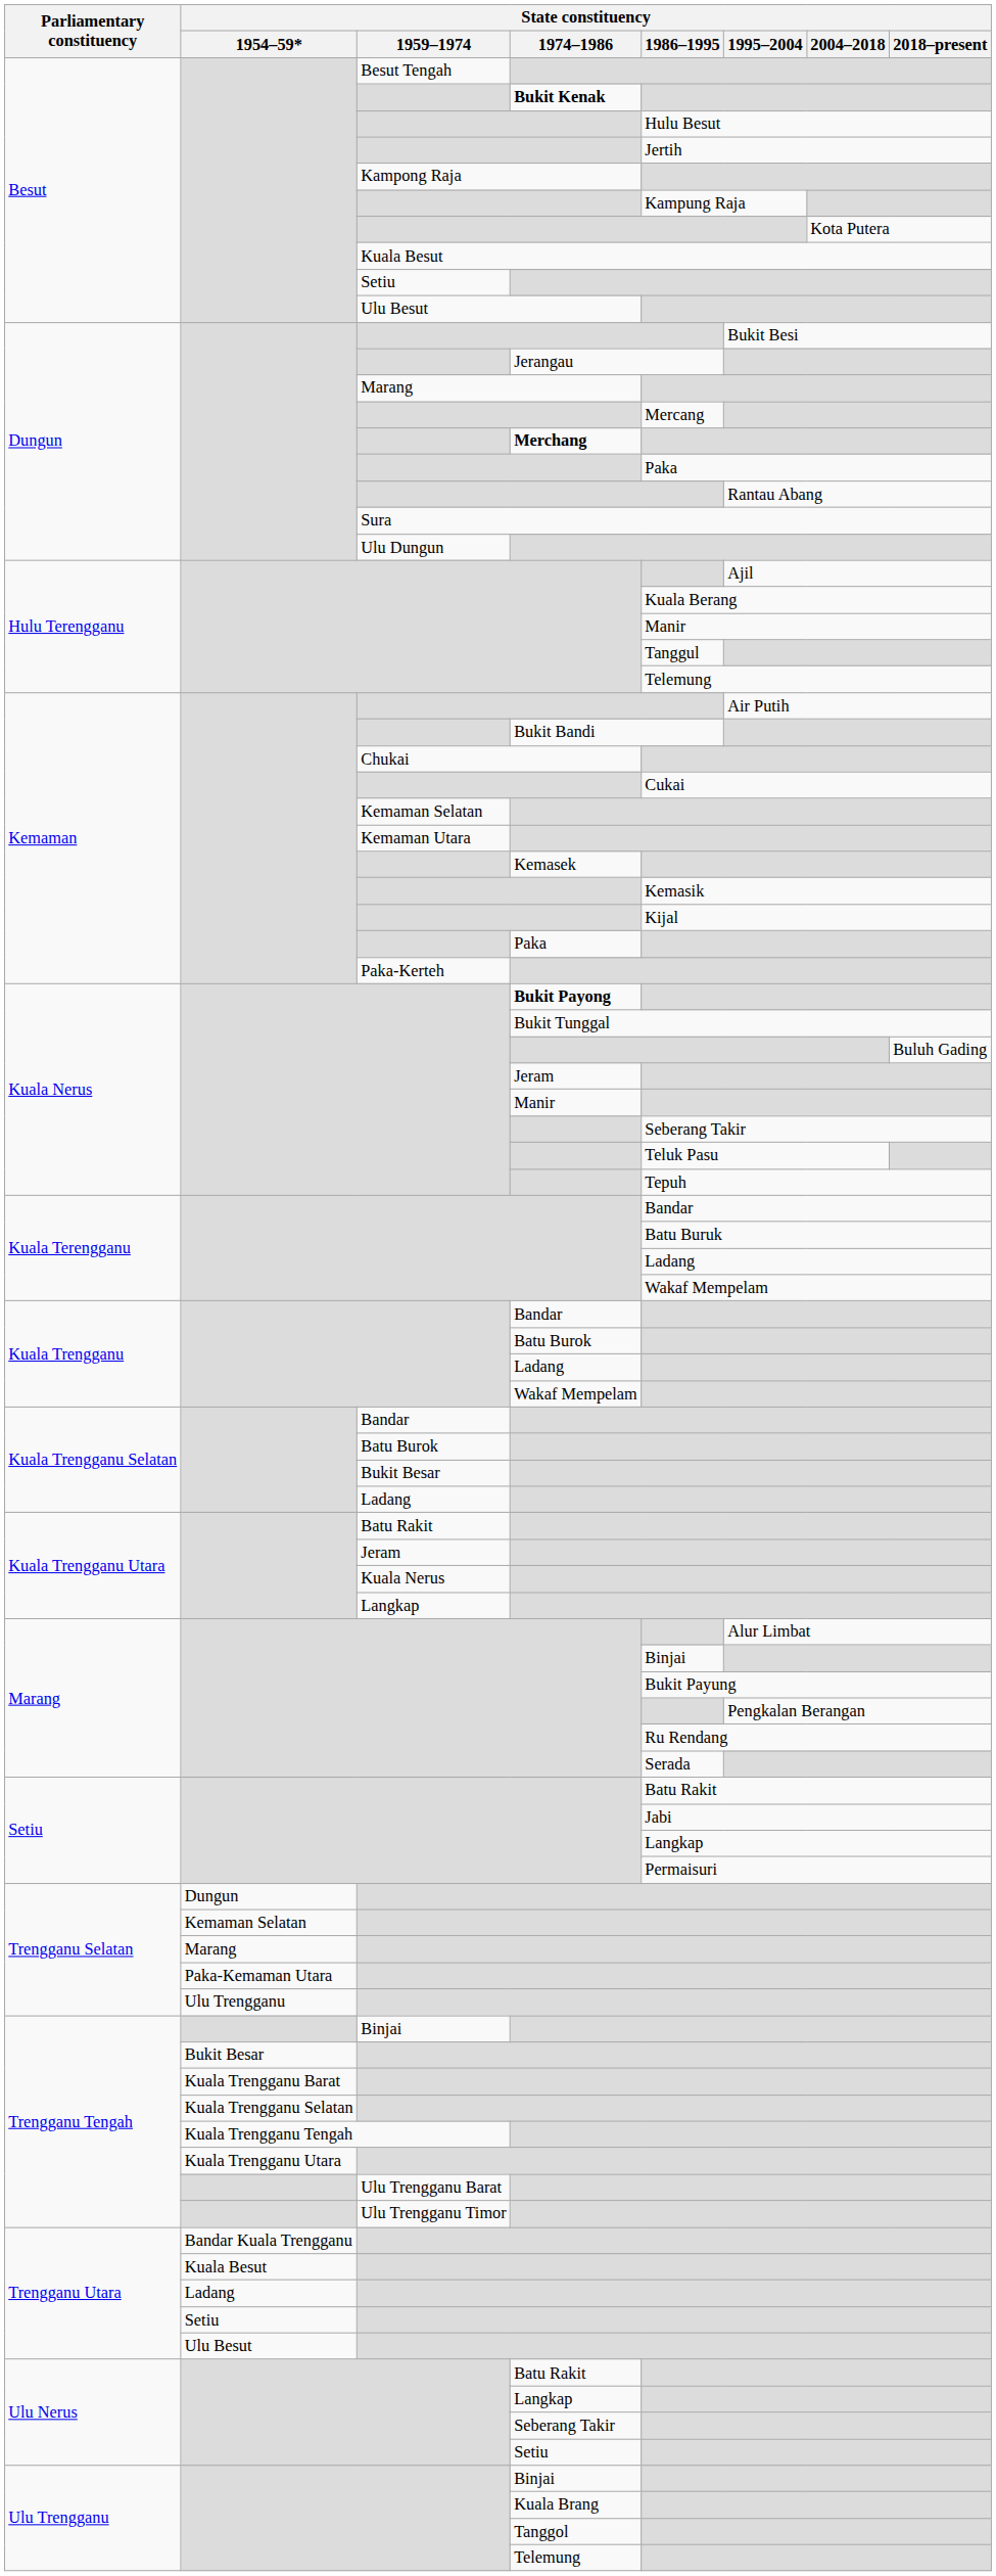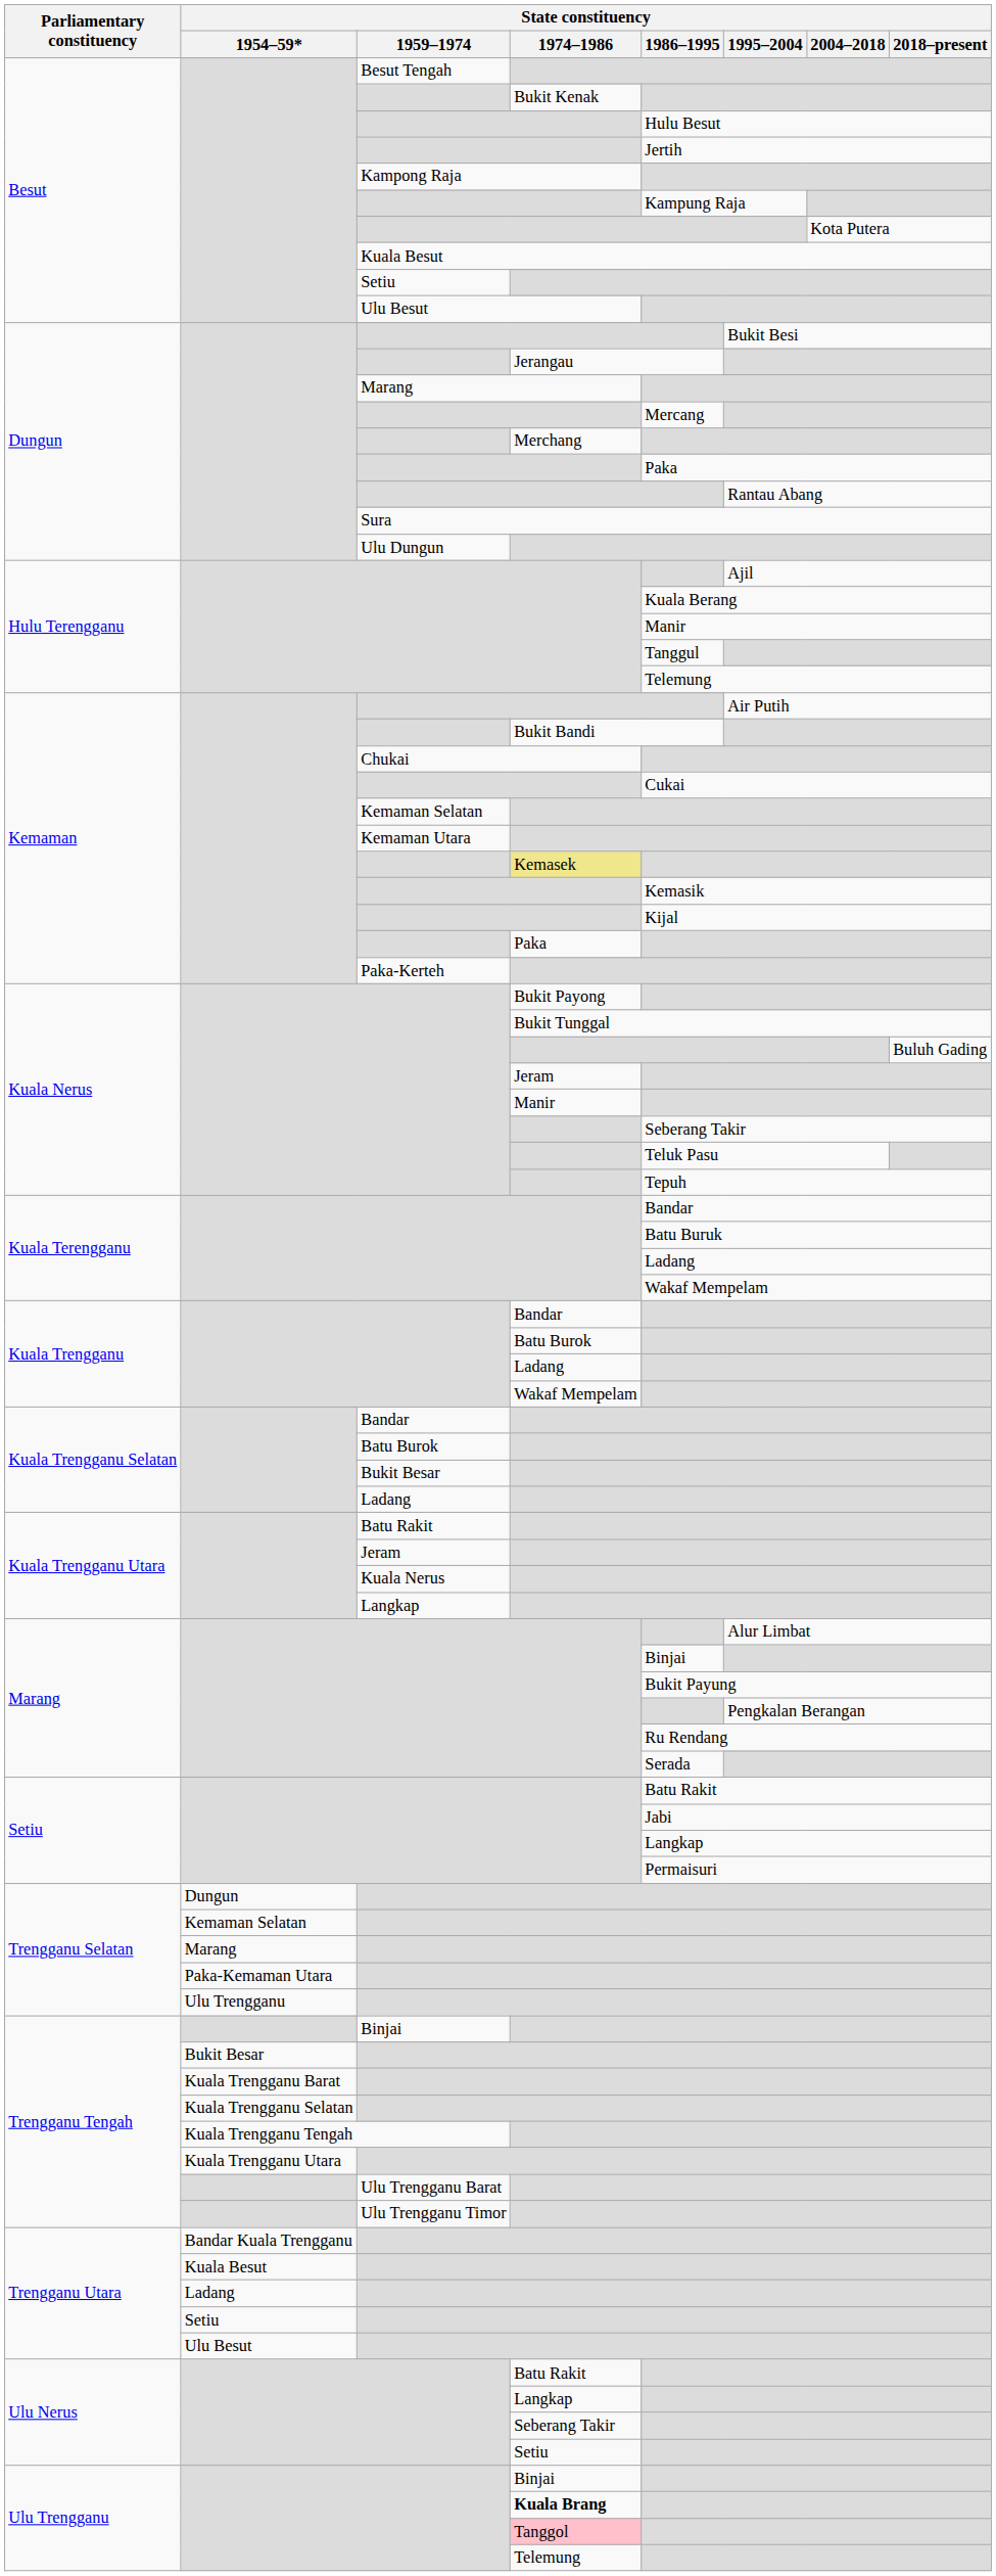 <table class=wikitable>
 <tr>
 <th rowspan=2>Parliamentary<br>constituency</th>
 <th colspan=7>State constituency</th>
 </tr>
 <tr>
 <th>1954–59*</th>
 <th>1959–1974</th>
 <th>1974–1986</th>
 <th>1986–1995</th>
 <th>1995–2004</th>
 <th>2004–2018</th>
 <th>2018–present</th>
 </tr>
 <tr>
 <td rowspan=10><a href='#'>Besut</a></td>
 <td rowspan="10" bgcolor="dcdcdc"></td>
 <td>Besut Tengah</td>
 <td colspan=5 bgcolor=dcdcdc></td>
 </tr>
 <tr>
 <td bgcolor=dcdcdc></td>
-<td><strong>Bukit Kenak</strong></td>
+<td>Bukit Kenak</td>
 <td colspan=4 bgcolor=dcdcdc></td>
 </tr>
 <tr>
 <td colspan=2 bgcolor=dcdcdc></td>
 <td colspan=4>Hulu Besut</td>
 </tr>
 <tr>
 <td colspan=2 bgcolor=dcdcdc></td>
 <td colspan=4>Jertih</td>
 </tr>
 <tr>
 <td colspan=2>Kampong Raja</td>
 <td colspan=4 bgcolor=dcdcdc></td>
 </tr>
 <tr>
 <td colspan=2 bgcolor=dcdcdc></td>
 <td colspan=2>Kampung Raja</td>
 <td colspan=2 bgcolor=dcdcdc></td>
 </tr>
 <tr>
 <td colspan=4 bgcolor=dcdcdc></td>
 <td colspan=2>Kota Putera</td>
 </tr>
 <tr>
 <td colspan=6>Kuala Besut</td>
 </tr>
 <tr>
 <td>Setiu</td>
 <td colspan=5 bgcolor=dcdcdc></td>
 </tr>
 <tr>
 <td colspan=2>Ulu Besut</td>
 <td colspan=4 bgcolor=dcdcdc></td>
 </tr>
 <tr>
 <td rowspan=9><a href='#'>Dungun</a></td>
 <td rowspan="9" bgcolor="dcdcdc"></td>
 <td colspan=3 bgcolor=dcdcdc></td>
 <td colspan=3>Bukit Besi</td>
 </tr>
 <tr>
 <td bgcolor=dcdcdc></td>
 <td colspan=2>Jerangau</td>
 <td colspan=3 bgcolor=dcdcdc></td>
 </tr>
 <tr>
 <td colspan=2>Marang</td>
 <td colspan=4 bgcolor=dcdcdc></td>
 </tr>
 <tr>
 <td colspan=2 bgcolor=dcdcdc></td>
 <td>Mercang</td>
 <td colspan=3 bgcolor=dcdcdc></td>
 </tr>
 <tr>
 <td bgcolor=dcdcdc></td>
-<td><strong>Merchang</strong></td>
+<td>Merchang</td>
 <td colspan=4 bgcolor=dcdcdc></td>
 </tr>
 <tr>
 <td colspan=2 bgcolor=dcdcdc></td>
 <td colspan=4>Paka</td>
 </tr>
 <tr>
 <td colspan=3 bgcolor=dcdcdc></td>
 <td colspan=3>Rantau Abang</td>
 </tr>
 <tr>
 <td colspan=6>Sura</td>
 </tr>
 <tr>
 <td>Ulu Dungun</td>
 <td colspan=5 bgcolor=dcdcdc></td>
 </tr>
 <tr>
 <td rowspan=5><a href='#'>Hulu Terengganu</a></td>
 <td colspan="3" rowspan="5" bgcolor="dcdcdc"></td>
 <td bgcolor=dcdcdc></td>
 <td colspan=3>Ajil</td>
 </tr>
 <tr>
 <td colspan=4>Kuala Berang</td>
 </tr>
 <tr>
 <td colspan=4>Manir</td>
 </tr>
 <tr>
 <td>Tanggul</td>
 <td colspan=3 bgcolor=dcdcdc></td>
 </tr>
 <tr>
 <td colspan=4>Telemung</td>
 </tr>
 <tr>
 <td rowspan=11><a href='#'>Kemaman</a></td>
 <td rowspan="11" bgcolor="dcdcdc"></td>
 <td colspan=3 bgcolor=dcdcdc></td>
 <td colspan=3>Air Putih</td>
 </tr>
 <tr>
 <td bgcolor=dcdcdc></td>
 <td colspan=2>Bukit Bandi</td>
 <td colspan=3 bgcolor=dcdcdc></td>
 </tr>
 <tr>
 <td colspan=2>Chukai</td>
 <td colspan=4 bgcolor=dcdcdc></td>
 </tr>
 <tr>
 <td colspan=2 bgcolor=dcdcdc></td>
 <td colspan=4>Cukai</td>
 </tr>
 <tr>
 <td>Kemaman Selatan</td>
 <td colspan=5 bgcolor=dcdcdc></td>
 </tr>
 <tr>
 <td>Kemaman Utara</td>
 <td colspan=5 bgcolor=dcdcdc></td>
 </tr>
 <tr>
 <td bgcolor=dcdcdc></td>
-<td>Kemasek</td>
+<td style="background: khaki;">Kemasek</td>
 <td colspan=4 bgcolor=dcdcdc></td>
 </tr>
 <tr>
 <td colspan=2 bgcolor=dcdcdc></td>
 <td colspan=4>Kemasik</td>
 </tr>
 <tr>
 <td colspan=2 bgcolor=dcdcdc></td>
 <td colspan=4>Kijal</td>
 </tr>
 <tr>
 <td bgcolor=dcdcdc></td>
 <td>Paka</td>
 <td colspan=4 bgcolor=dcdcdc></td>
 </tr>
 <tr>
 <td>Paka-Kerteh</td>
 <td colspan=5 bgcolor=dcdcdc></td>
 </tr>
 <tr>
 <td rowspan=8><a href='#'>Kuala Nerus</a></td>
 <td colspan="2" rowspan="8" bgcolor="dcdcdc"></td>
-<td><strong>Bukit Payong</strong></td>
+<td>Bukit Payong</td>
 <td colspan=4 bgcolor=dcdcdc></td>
 </tr>
 <tr>
 <td colspan=5>Bukit Tunggal</td>
 </tr>
 <tr>
 <td colspan=4 bgcolor=dcdcdc></td>
 <td>Buluh Gading</td>
 </tr>
 <tr>
 <td>Jeram</td>
 <td colspan=4 bgcolor=dcdcdc></td>
 </tr>
 <tr>
 <td>Manir</td>
 <td colspan=4 bgcolor=dcdcdc></td>
 </tr>
 <tr>
 <td bgcolor=dcdcdc></td>
 <td colspan=4>Seberang Takir</td>
 </tr>
 <tr>
 <td bgcolor=dcdcdc></td>
 <td colspan=3>Teluk Pasu</td>
 <td bgcolor=dcdcdc></td>
 </tr>
 <tr>
 <td bgcolor=dcdcdc></td>
 <td colspan=4>Tepuh</td>
 </tr>
 <tr>
 <td rowspan=4><a href='#'>Kuala Terengganu</a></td>
 <td colspan="3" rowspan="4" bgcolor="dcdcdc"></td>
 <td colspan=4>Bandar</td>
 </tr>
 <tr>
 <td colspan=4>Batu Buruk</td>
 </tr>
 <tr>
 <td colspan=4>Ladang</td>
 </tr>
 <tr>
 <td colspan=4>Wakaf Mempelam</td>
 </tr>
 <tr>
 <td rowspan=4><a href='#'>Kuala Trengganu</a></td>
 <td colspan="2" rowspan="4" bgcolor="dcdcdc"></td>
 <td>Bandar</td>
 <td colspan=4 bgcolor=dcdcdc></td>
 </tr>
 <tr>
 <td>Batu Burok</td>
 <td colspan=4 bgcolor=dcdcdc></td>
 </tr>
 <tr>
 <td>Ladang</td>
 <td colspan=4 bgcolor=dcdcdc></td>
 </tr>
 <tr>
 <td>Wakaf Mempelam</td>
 <td colspan=4 bgcolor=dcdcdc></td>
 </tr>
 <tr>
 <td rowspan=4><a href='#'>Kuala Trengganu Selatan</a></td>
 <td rowspan="4" bgcolor="dcdcdc"></td>
 <td>Bandar</td>
 <td colspan=5 bgcolor=dcdcdc></td>
 </tr>
 <tr>
 <td>Batu Burok</td>
 <td colspan=5 bgcolor=dcdcdc></td>
 </tr>
 <tr>
 <td>Bukit Besar</td>
 <td colspan=5 bgcolor=dcdcdc></td>
 </tr>
 <tr>
 <td>Ladang</td>
 <td colspan=5 bgcolor=dcdcdc></td>
 </tr>
 <tr>
 <td rowspan=4><a href='#'>Kuala Trengganu Utara</a></td>
 <td rowspan="4" bgcolor="dcdcdc"></td>
 <td>Batu Rakit</td>
 <td colspan=5 bgcolor=dcdcdc></td>
 </tr>
 <tr>
 <td>Jeram</td>
 <td colspan=5 bgcolor=dcdcdc></td>
 </tr>
 <tr>
 <td>Kuala Nerus</td>
 <td colspan=5 bgcolor=dcdcdc></td>
 </tr>
 <tr>
 <td>Langkap</td>
 <td colspan=5 bgcolor=dcdcdc></td>
 </tr>
 <tr>
 <td rowspan=6><a href='#'>Marang</a></td>
 <td colspan="3" rowspan="6" bgcolor="dcdcdc"></td>
 <td bgcolor=dcdcdc></td>
 <td colspan=3>Alur Limbat</td>
 </tr>
 <tr>
 <td>Binjai</td>
 <td colspan=3 bgcolor=dcdcdc></td>
 </tr>
 <tr>
 <td colspan=4>Bukit Payung</td>
 </tr>
 <tr>
 <td bgcolor=dcdcdc></td>
 <td colspan=3>Pengkalan Berangan</td>
 </tr>
 <tr>
 <td colspan=4>Ru Rendang</td>
 </tr>
 <tr>
 <td>Serada</td>
 <td colspan=3 bgcolor=dcdcdc></td>
 </tr>
 <tr>
 <td rowspan=4><a href='#'>Setiu</a></td>
 <td colspan="3" rowspan="4" bgcolor="dcdcdc"></td>
 <td colspan=4>Batu Rakit</td>
 </tr>
 <tr>
 <td colspan=4>Jabi</td>
 </tr>
 <tr>
 <td colspan=4>Langkap</td>
 </tr>
 <tr>
 <td colspan=4>Permaisuri</td>
 </tr>
 <tr>
 <td rowspan=5><a href='#'>Trengganu Selatan</a></td>
 <td>Dungun</td>
 <td colspan=6 bgcolor=dcdcdc></td>
 </tr>
 <tr>
 <td>Kemaman Selatan</td>
 <td colspan=6 bgcolor=dcdcdc></td>
 </tr>
 <tr>
 <td>Marang</td>
 <td colspan=6 bgcolor=dcdcdc></td>
 </tr>
 <tr>
 <td>Paka-Kemaman Utara</td>
 <td colspan=6 bgcolor=dcdcdc></td>
 </tr>
 <tr>
 <td>Ulu Trengganu</td>
 <td colspan=6 bgcolor=dcdcdc></td>
 </tr>
 <tr>
 <td rowspan=8><a href='#'>Trengganu Tengah</a></td>
 <td bgcolor="dcdcdc"></td>
 <td>Binjai</td>
 <td colspan=5 bgcolor=dcdcdc></td>
 </tr>
 <tr>
 <td>Bukit Besar</td>
 <td colspan=6 bgcolor=dcdcdc></td>
 </tr>
 <tr>
 <td>Kuala Trengganu Barat</td>
 <td colspan=6 bgcolor=dcdcdc></td>
 </tr>
 <tr>
 <td>Kuala Trengganu Selatan</td>
 <td colspan=6 bgcolor=dcdcdc></td>
 </tr>
 <tr>
 <td colspan=2>Kuala Trengganu Tengah</td>
 <td colspan=5 bgcolor=dcdcdc></td>
 </tr>
 <tr>
 <td>Kuala Trengganu Utara</td>
 <td colspan=6 bgcolor=dcdcdc></td>
 </tr>
 <tr>
 <td bgcolor=dcdcdc></td>
 <td>Ulu Trengganu Barat</td>
 <td colspan=5 bgcolor=dcdcdc></td>
 </tr>
 <tr>
 <td bgcolor=dcdcdc></td>
 <td>Ulu Trengganu Timor</td>
 <td colspan=5 bgcolor=dcdcdc></td>
 </tr>
 <tr>
 <td rowspan=5><a href='#'>Trengganu Utara</a></td>
 <td>Bandar Kuala Trengganu</td>
 <td colspan=6 bgcolor=dcdcdc></td>
 </tr>
 <tr>
 <td>Kuala Besut</td>
 <td colspan=6 bgcolor=dcdcdc></td>
 </tr>
 <tr>
 <td>Ladang</td>
 <td colspan=6 bgcolor=dcdcdc></td>
 </tr>
 <tr>
 <td>Setiu</td>
 <td colspan=6 bgcolor=dcdcdc></td>
 </tr>
 <tr>
 <td>Ulu Besut</td>
 <td colspan=6 bgcolor=dcdcdc></td>
 </tr>
 <tr>
 <td rowspan=4><a href='#'>Ulu Nerus</a></td>
 <td colspan="2" rowspan="4" bgcolor="dcdcdc"></td>
 <td>Batu Rakit</td>
 <td colspan=4 bgcolor=dcdcdc></td>
 </tr>
 <tr>
 <td>Langkap</td>
 <td colspan=4 bgcolor=dcdcdc></td>
 </tr>
 <tr>
 <td>Seberang Takir</td>
 <td colspan=4 bgcolor=dcdcdc></td>
 </tr>
 <tr>
 <td>Setiu</td>
 <td colspan=4 bgcolor=dcdcdc></td>
 </tr>
 <tr>
 <td rowspan=4><a href='#'>Ulu Trengganu</a></td>
 <td colspan="2" rowspan="4" bgcolor="dcdcdc"></td>
 <td>Binjai</td>
 <td colspan=4 bgcolor=dcdcdc></td>
 </tr>
 <tr>
-<td>Kuala Brang</td>
+<td><strong>Kuala Brang</strong></td>
 <td colspan=4 bgcolor=dcdcdc></td>
 </tr>
 <tr>
-<td>Tanggol</td>
+<td style="background: pink;">Tanggol</td>
 <td colspan=4 bgcolor=dcdcdc></td>
 </tr>
 <tr>
 <td>Telemung</td>
 <td colspan=4 bgcolor=dcdcdc></td>
 </tr>
 </table>
